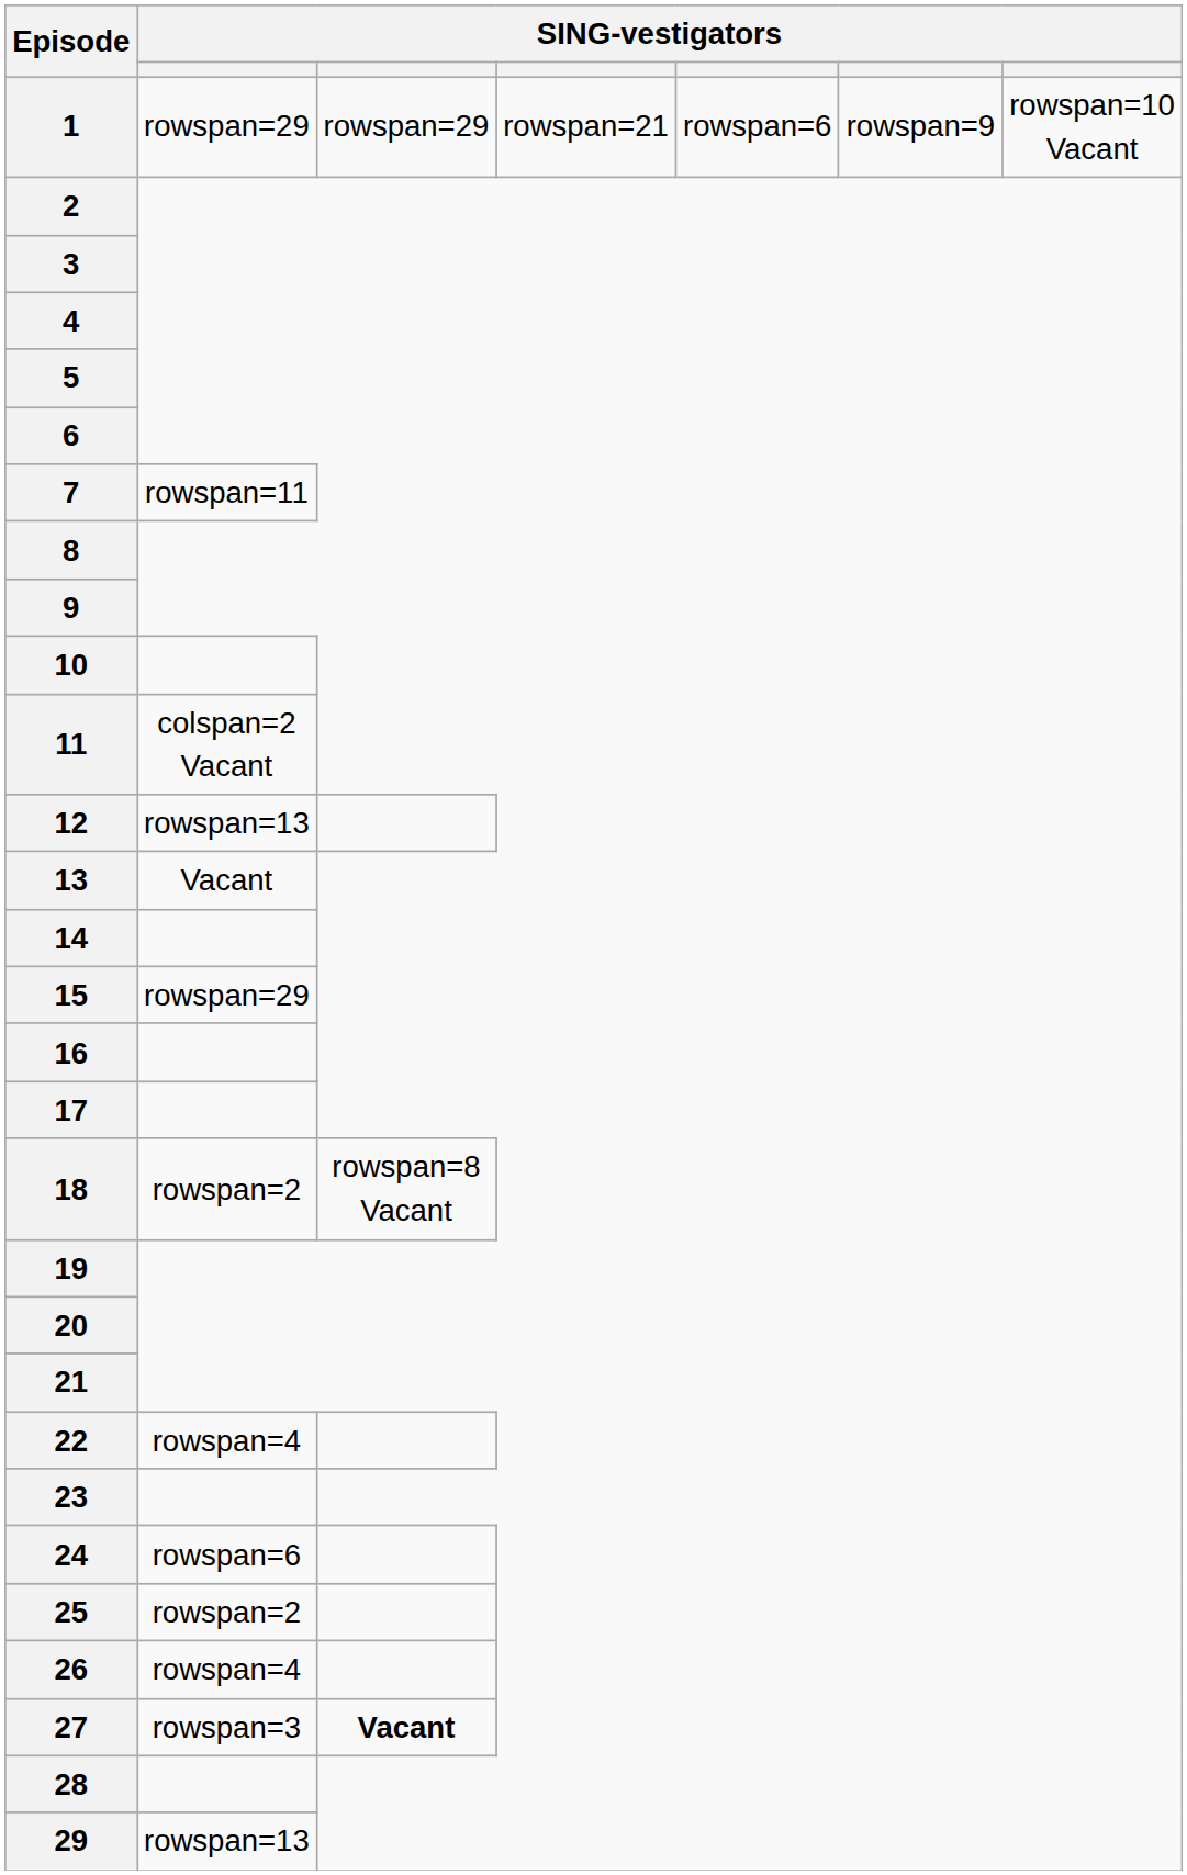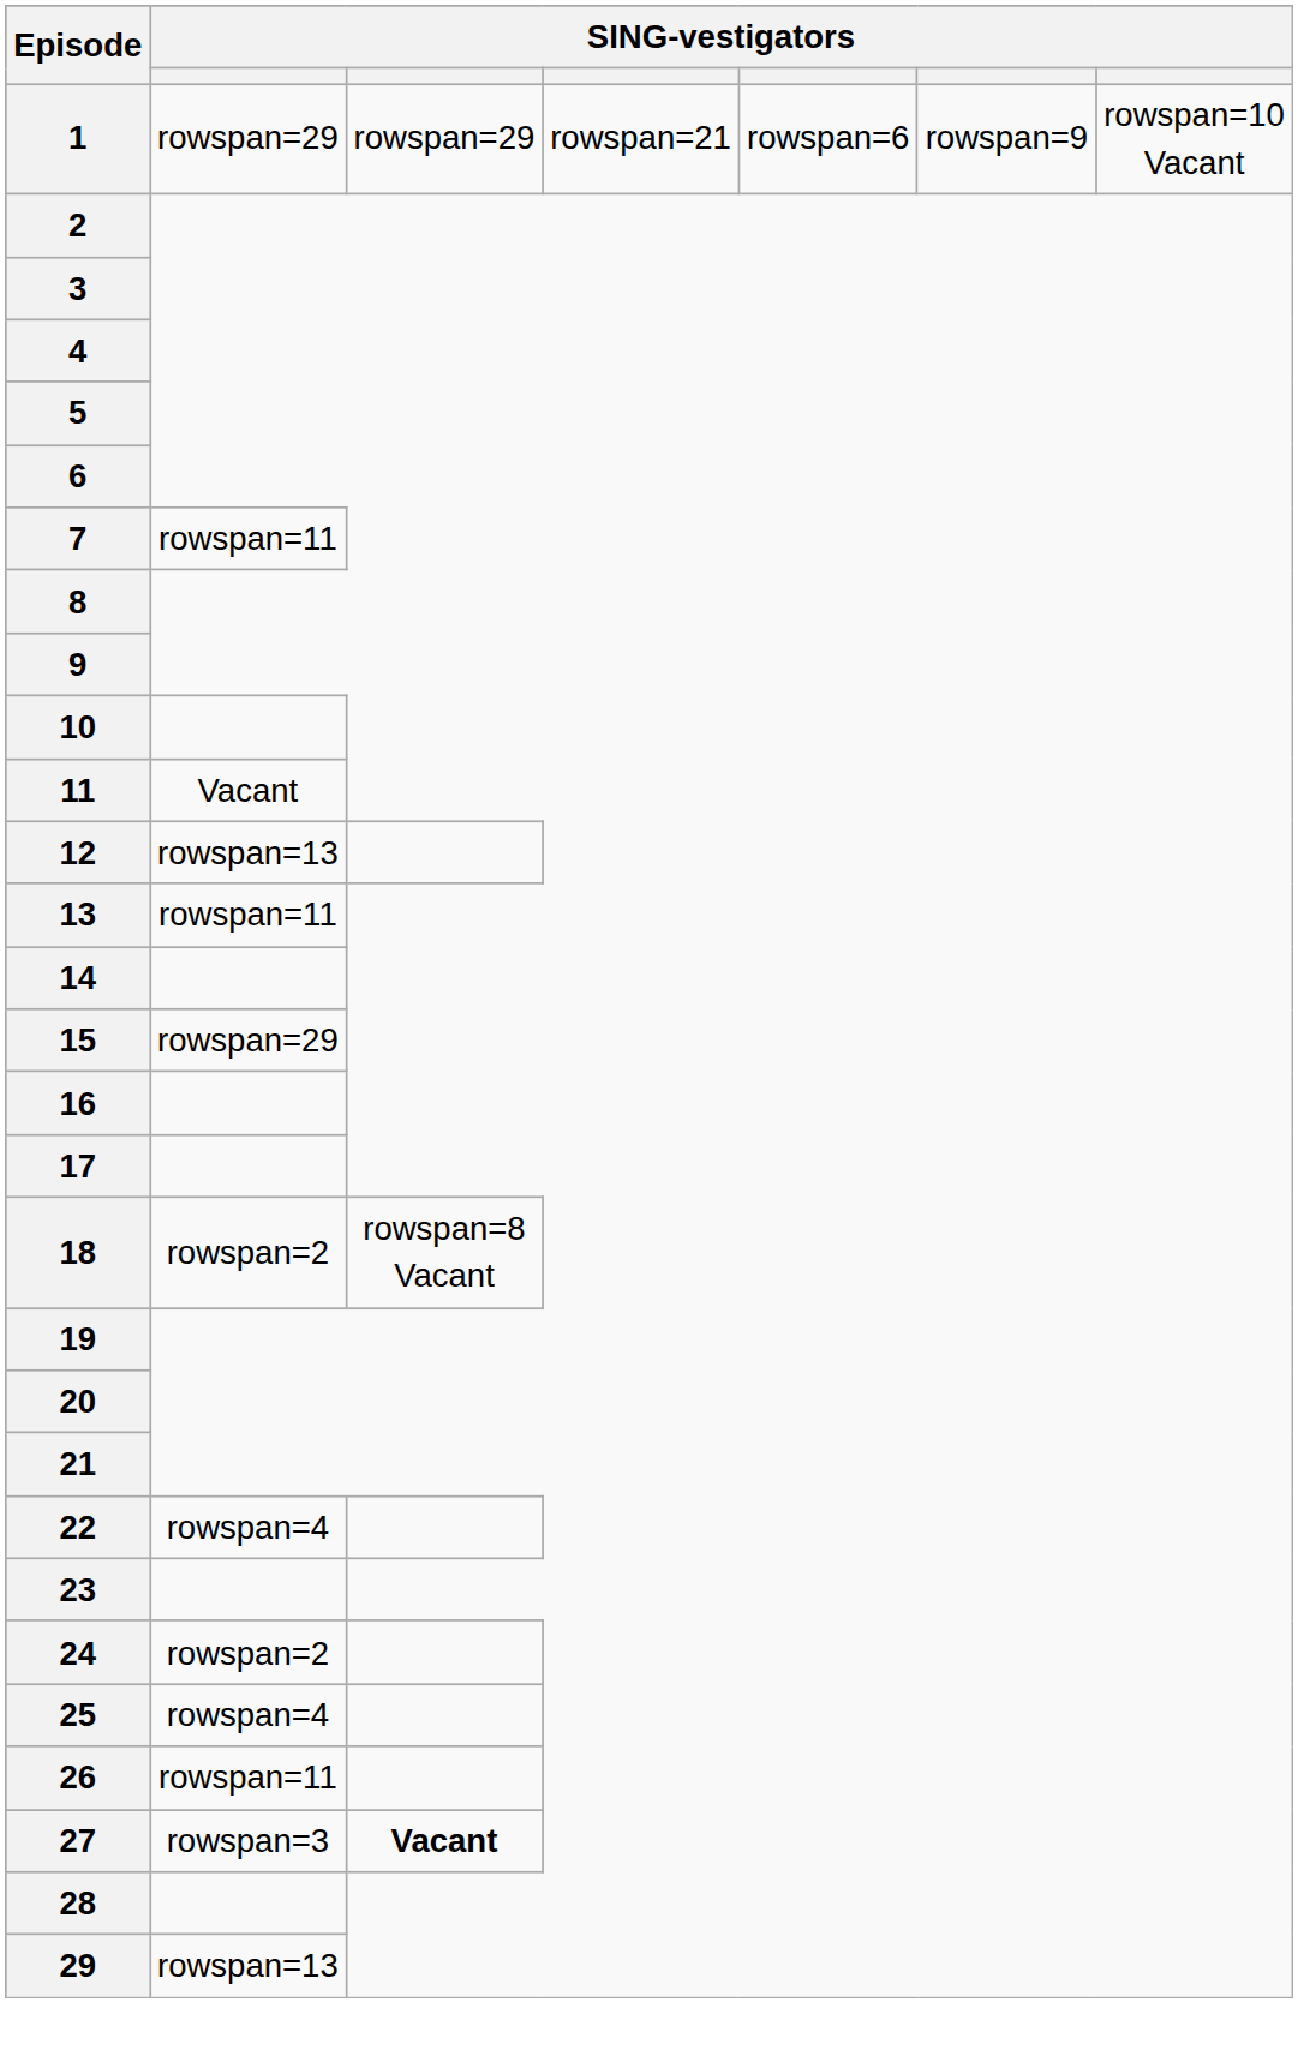 <table class="wikitable plainrowheaders mw-collapsible" style="text-align:center; line-height:23px; width:100%;">
 <tr>
 <th rowspan="2" width="1%">Episode</th>
 <th colspan="6">SING-vestigators</th>
 </tr>
 <tr>
 <th width="16%"></th>
 <th width="16%"></th>
 <th width="16%"></th>
 <th width="16%"></th>
 <th width="16%"></th>
 <th width="16%"></th>
 </tr>
 <tr>
 <th>1</th>
 <td>rowspan=29 </td>
 <td>rowspan=29 </td>
 <td>rowspan=21 </td>
 <td>rowspan=6 </td>
 <td>rowspan=9 </td>
 <td>rowspan=10  Vacant</td>
 </tr>
 <tr>
 <th>2</th>
 </tr>
 <tr>
 <th>3</th>
 </tr>
 <tr>
 <th>4</th>
 </tr>
 <tr>
 <th>5</th>
 </tr>
 <tr>
 <th>6</th>
 </tr>
 <tr>
 <th>7</th>
 <td>rowspan=11 </td>
 </tr>
 <tr>
 <th>8</th>
 </tr>
 <tr>
 <th>9</th>
 </tr>
 <tr>
 <th>10</th>
 <td></td>
 </tr>
 <tr>
 <th>11</th>
-<td>colspan=2  Vacant</td>
+<td> Vacant</td>
 </tr>
 <tr>
 <th>12</th>
 <td>rowspan=13 </td>
 <td></td>
 </tr>
 <tr>
 <th>13</th>
-<td> Vacant</td>
+<td>rowspan=11 </td>
 </tr>
 <tr>
 <th>14</th>
 <td></td>
 </tr>
 <tr>
 <th>15</th>
 <td>rowspan=29 </td>
 </tr>
 <tr>
 <th>16</th>
 <td></td>
 </tr>
 <tr>
 <th>17</th>
 <td></td>
 </tr>
 <tr>
 <th>18</th>
 <td>rowspan=2 </td>
 <td>rowspan=8  Vacant</td>
 </tr>
 <tr>
 <th>19</th>
 </tr>
 <tr>
 <th>20</th>
 </tr>
 <tr>
 <th>21</th>
 </tr>
 <tr>
 <th>22</th>
 <td>rowspan=4 </td>
 <td></td>
 </tr>
 <tr>
 <th>23</th>
 <td></td>
 </tr>
 <tr>
 <th>24</th>
-<td>rowspan=6 </td>
+<td>rowspan=2 </td>
 <td></td>
 </tr>
 <tr>
 <th>25</th>
-<td>rowspan=2 </td>
+<td>rowspan=4 </td>
 <td></td>
 </tr>
 <tr>
 <th>26</th>
-<td>rowspan=4 </td>
+<td>rowspan=11 </td>
 <td></td>
 </tr>
 <tr>
 <th>27</th>
 <td>rowspan=3 </td>
 <td><strong> Vacant</strong></td>
 </tr>
 <tr>
 <th>28</th>
 <td></td>
 </tr>
 <tr>
 <th>29</th>
 <td>rowspan=13 </td>
 </tr>
 </table>
